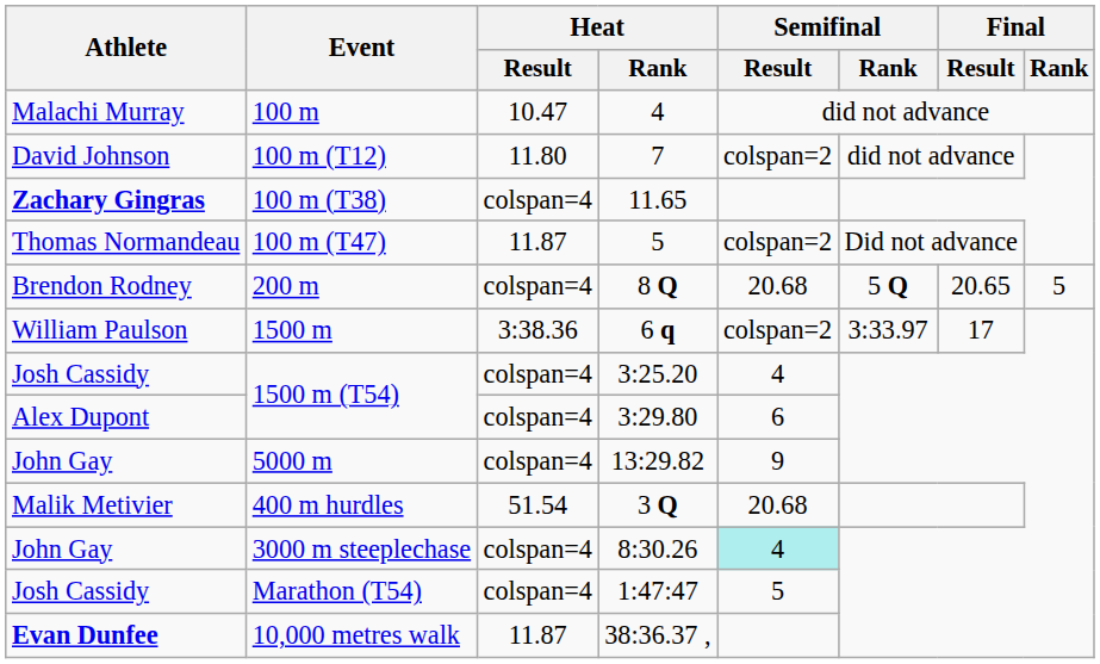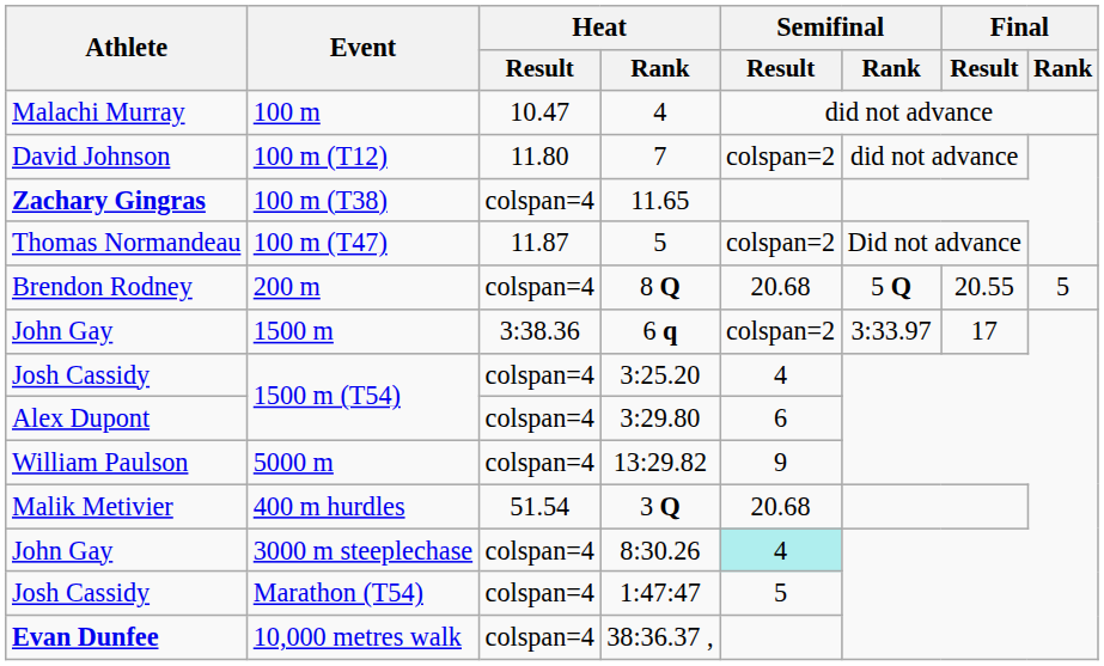 <table class="wikitable" style="font-size:90%">
 <tr>
 <th rowspan=2>Athlete</th>
 <th rowspan=2>Event</th>
 <th colspan=2>Heat</th>
 <th colspan=2>Semifinal</th>
 <th colspan=2>Final</th>
 </tr>
 <tr style="font-size:95%">
 <th>Result</th>
 <th>Rank</th>
 <th>Result</th>
 <th>Rank</th>
 <th>Result</th>
 <th>Rank</th>
 </tr>
 <tr align=center>
 <td align=left><a href='#'>Malachi Murray</a></td>
 <td align=left><a href='#'>100 m</a></td>
 <td>10.47</td>
 <td>4</td>
 <td colspan="4">did not advance</td>
 </tr>
 <tr align=center>
 <td align=left><a href='#'>David Johnson</a></td>
 <td align=left><a href='#'>100 m (T12)</a></td>
 <td>11.80</td>
 <td>7</td>
 <td>colspan=2 </td>
 <td colspan=2>did not advance</td>
 </tr>
 <tr align=center>
 <td align=left><strong><a href='#'>Zachary Gingras</a></strong></td>
 <td align=left><a href='#'>100 m (T38)</a></td>
 <td>colspan=4 </td>
 <td>11.65</td>
 <td></td>
 </tr>
 <tr align=center>
 <td align=left><a href='#'>Thomas Normandeau</a></td>
 <td align=left><a href='#'>100 m (T47)</a></td>
 <td>11.87</td>
 <td>5</td>
 <td>colspan=2 </td>
 <td colspan="2">Did not advance</td>
 </tr>
 <tr align=center>
 <td align=left><a href='#'>Brendon Rodney</a></td>
 <td align=left><a href='#'>200 m</a></td>
 <td>colspan=4 </td>
 <td>8 <strong>Q</strong></td>
 <td>20.68</td>
 <td>5 <strong>Q</strong></td>
-<td>20.65</td>
+<td>20.55</td>
 <td>5</td>
 </tr>
 <tr align=center>
-<td align=left><a href='#'>William Paulson</a></td>
+<td align=left><a href='#'>John Gay</a></td>
 <td align=left><a href='#'>1500 m</a></td>
 <td>3:38.36</td>
 <td>6 <strong>q</strong></td>
 <td>colspan=2 </td>
 <td>3:33.97 </td>
 <td>17</td>
 </tr>
 <tr align=center>
 <td align=left><a href='#'>Josh Cassidy</a></td>
 <td align=left rowspan=2><a href='#'>1500 m (T54)</a></td>
 <td>colspan=4 </td>
 <td>3:25.20</td>
 <td>4</td>
 </tr>
 <tr align=center>
 <td align=left><a href='#'>Alex Dupont</a></td>
 <td>colspan=4 </td>
 <td>3:29.80</td>
 <td>6</td>
 </tr>
 <tr align=center>
-<td align=left><a href='#'>John Gay</a></td>
+<td align=left><a href='#'>William Paulson</a></td>
 <td align=left><a href='#'>5000 m</a></td>
 <td>colspan=4 </td>
 <td>13:29.82 </td>
 <td>9</td>
 </tr>
 <tr align=center>
 <td align=left><a href='#'>Malik Metivier</a></td>
 <td align=left><a href='#'>400 m hurdles</a></td>
 <td>51.54</td>
 <td>3 <strong>Q</strong></td>
 <td>20.68</td>
 <td colspan=2></td>
 </tr>
 <tr align=center>
 <td align=left><a href='#'>John Gay</a></td>
 <td align=left><a href='#'>3000 m steeplechase</a></td>
 <td>colspan=4 </td>
 <td>8:30.26</td>
 <td style="background: paleturquoise;">4</td>
 </tr>
 <tr align=center>
 <td align=left><a href='#'>Josh Cassidy</a></td>
 <td align=left><a href='#'>Marathon (T54)</a></td>
 <td>colspan=4 </td>
 <td>1:47:47</td>
 <td>5</td>
 </tr>
 <tr align=center>
 <td align=left><strong><a href='#'>Evan Dunfee</a></strong></td>
 <td align=left><a href='#'>10,000 metres walk</a></td>
-<td>11.87</td>
+<td>colspan=4 </td>
 <td>38:36.37 , </td>
 <td></td>
 </tr>
 </table>
